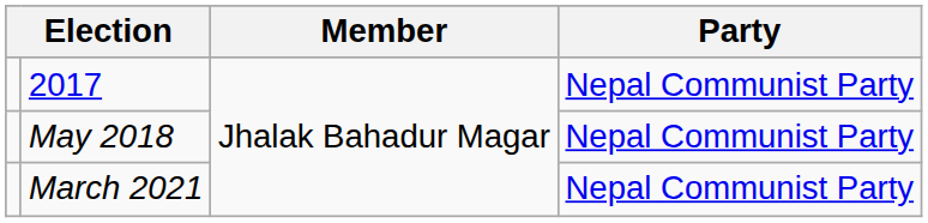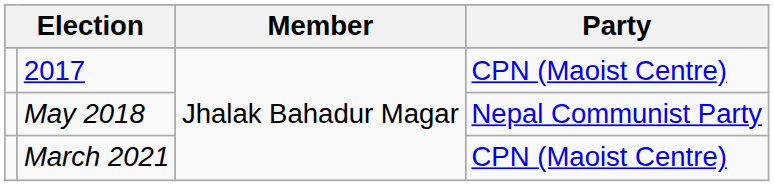 <table class="wikitable">
 <tr>
 <th colspan="2">Election</th>
 <th>Member</th>
 <th>Party</th>
 </tr>
 <tr>
 <td style="background-color:"></td>
 <td><a href='#'>2017</a></td>
 <td rowspan="3">Jhalak Bahadur Magar</td>
-<td><a href='#'>Nepal Communist Party</a></td>
+<td><a href='#'>CPN (Maoist Centre)</a></td>
 </tr>
 <tr>
 <td style="background-color:"></td>
 <td><em>May 2018</em></td>
 <td><a href='#'>Nepal Communist Party</a></td>
 </tr>
 <tr>
 <td style="background-color:"></td>
 <td><em>March 2021</em></td>
-<td><a href='#'>Nepal Communist Party</a></td>
+<td><a href='#'>CPN (Maoist Centre)</a></td>
 </tr>
 </table>
